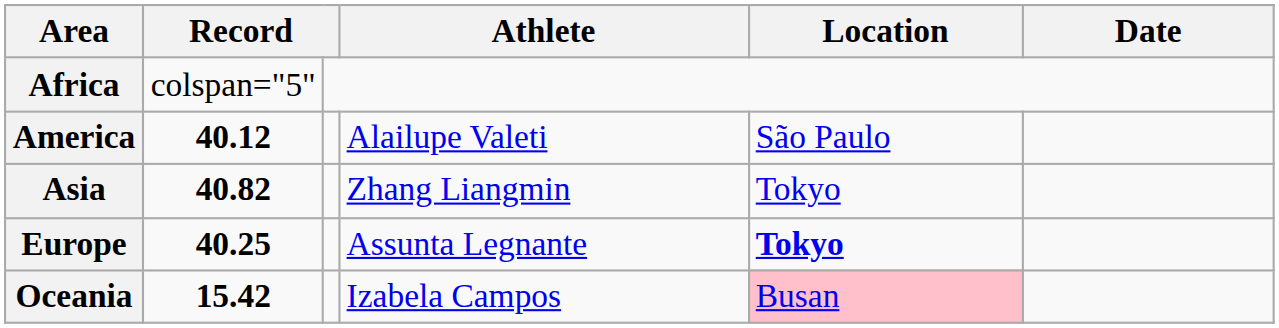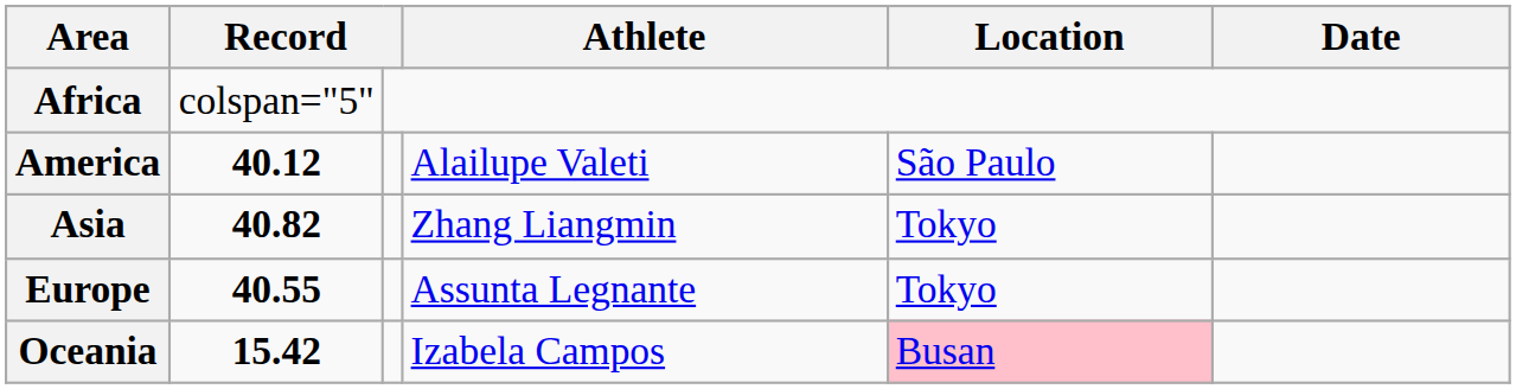 <table class="wikitable">
 <tr>
 <th width="45">Area</th>
 <th width="80" colspan="2">Record</th>
 <th width="200">Athlete</th>
 <th width="130">Location</th>
 <th width="120">Date</th>
 </tr>
 <tr>
 <th>Africa</th>
 <td>colspan="5" </td>
 </tr>
 <tr>
 <th>America</th>
 <td align="center"><strong>40.12</strong></td>
 <td align="center"></td>
 <td> <a href='#'>Alailupe Valeti</a></td>
 <td> <a href='#'>São Paulo</a></td>
 <td align="right"></td>
 </tr>
 <tr>
 <th>Asia</th>
 <td align="center"><strong>40.82</strong></td>
 <td align="center"><strong></strong></td>
 <td> <a href='#'>Zhang Liangmin</a></td>
 <td> <a href='#'>Tokyo</a></td>
 <td align="right"></td>
 </tr>
 <tr>
 <th>Europe</th>
-<td align="center"><strong>40.25</strong></td>
+<td align="center"><strong>40.55</strong></td>
 <td align="center"></td>
 <td> <a href='#'>Assunta Legnante</a></td>
-<td><strong> <a href='#'>Tokyo</a></strong></td>
+<td> <a href='#'>Tokyo</a></td>
 <td align="right"></td>
 </tr>
 <tr>
 <th>Oceania</th>
 <td align="center"><strong>15.42</strong></td>
 <td align="center"></td>
 <td> <a href='#'>Izabela Campos</a></td>
 <td style="background: pink;"> <a href='#'>Busan</a></td>
 <td align="right"></td>
 </tr>
 </table>
